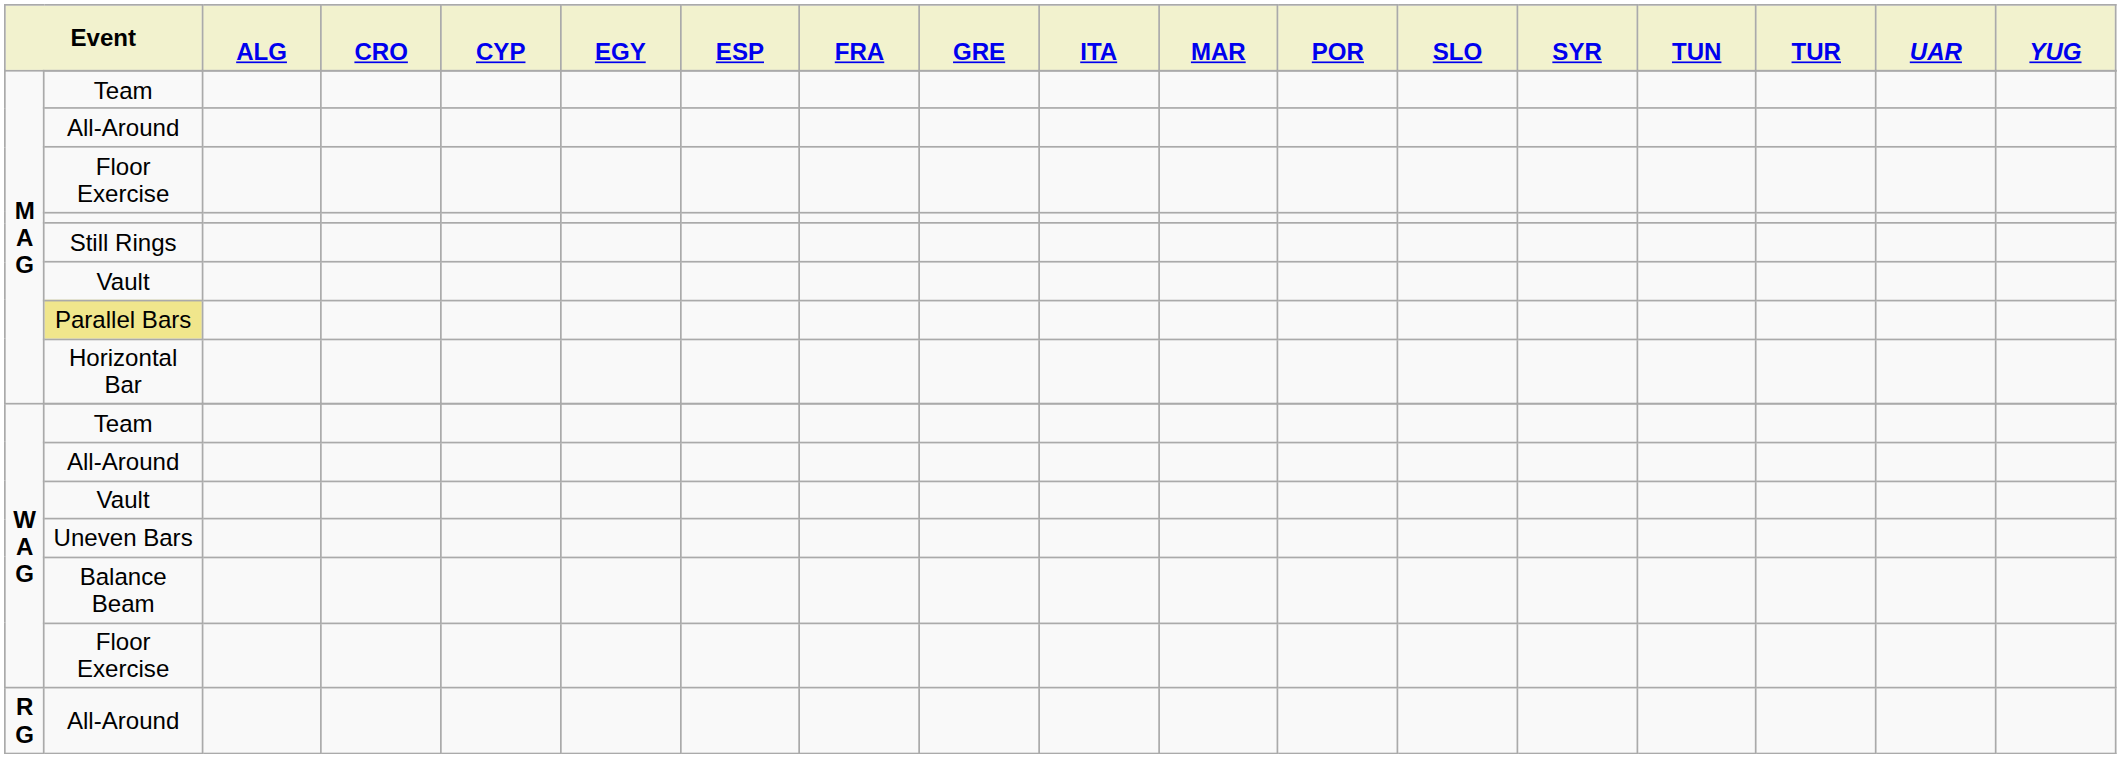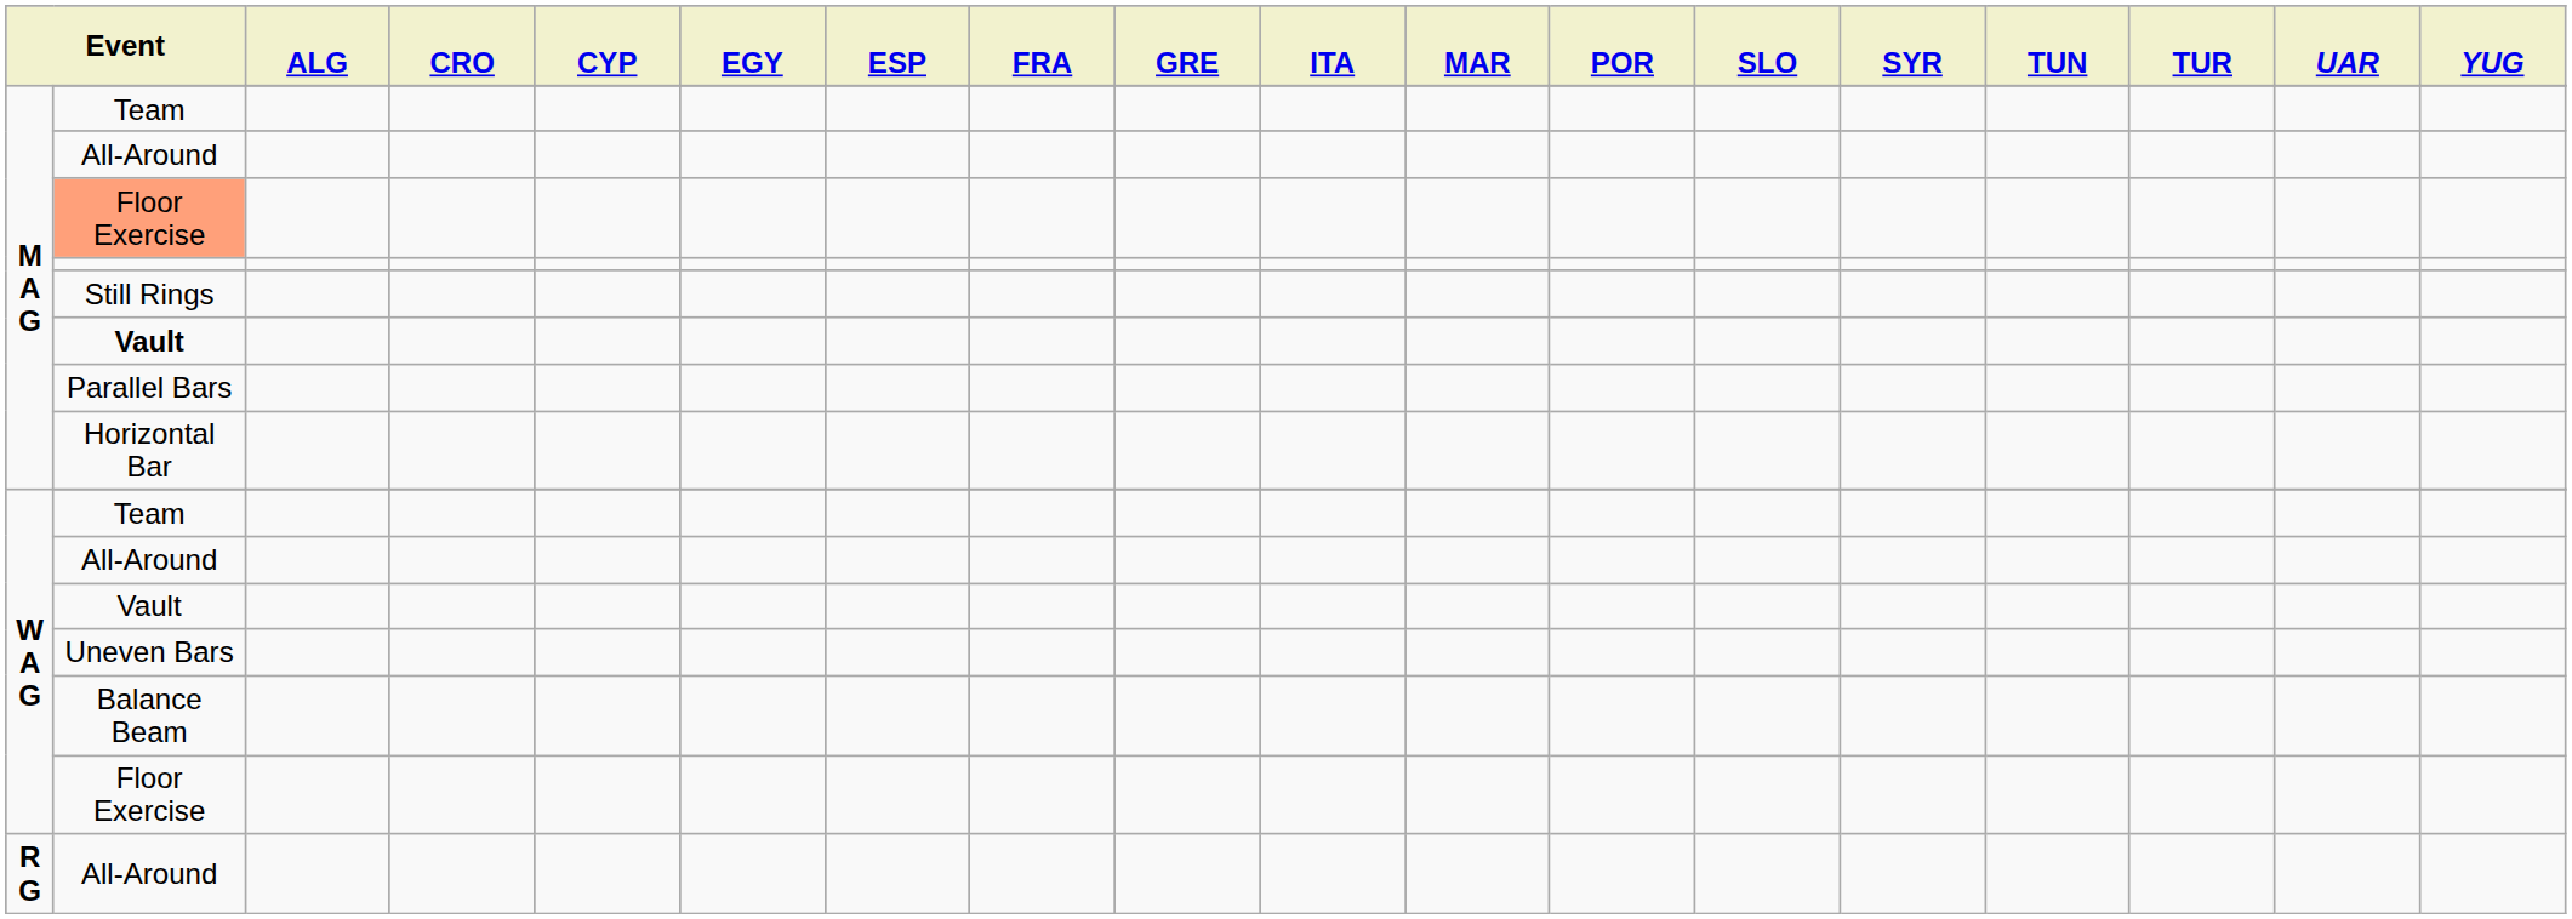 <table class="wikitable" style="margin-top:0em; text-align:center; font-size:89%;">
 <tr>
 <th style="background-color:#f2f2ce; width:15.0em;" colspan=2>Event</th>
 <th style="background-color:#f2f2ce; width:4.5em;"><br><a href='#'>ALG</a></th>
 <th style="background-color:#f2f2ce; width:4.5em;"><br><a href='#'>CRO</a></th>
 <th style="background-color:#f2f2ce; width:4.5em;"><br><a href='#'>CYP</a></th>
 <th style="background-color:#f2f2ce; width:4.5em;"><br><a href='#'>EGY</a></th>
 <th style="background-color:#f2f2ce; width:4.5em;"><br><a href='#'>ESP</a></th>
 <th style="background-color:#f2f2ce; width:4.5em;"><br><a href='#'>FRA</a></th>
 <th style="background-color:#f2f2ce; width:4.5em;"><br><a href='#'>GRE</a></th>
 <th style="background-color:#f2f2ce; width:4.5em;"><br><a href='#'>ITA</a></th>
 <th style="background-color:#f2f2ce; width:4.5em;"><br><a href='#'>MAR</a></th>
 <th style="background-color:#f2f2ce; width:4.5em;"><br><a href='#'>POR</a></th>
 <th style="background-color:#f2f2ce; width:4.5em;"><br><a href='#'>SLO</a></th>
 <th style="background-color:#f2f2ce; width:4.5em;"><br><a href='#'>SYR</a></th>
 <th style="background-color:#f2f2ce; width:4.5em;"><br><a href='#'>TUN</a></th>
 <th style="background-color:#f2f2ce; width:4.5em;"><br><a href='#'>TUR</a></th>
 <th style="background-color:#f2f2ce; width:4.5em;"><em><br><a href='#'>UAR</a></em></th>
 <th style="background-color:#f2f2ce; width:4.5em;"><em><br><a href='#'>YUG</a></em></th>
 </tr>
 <tr>
 <td rowspan=9 border=0 cellpadding="0" cellspacing="0"><strong>M<br>A<br>G</strong></td>
 </tr>
 <tr>
 <td>Team</td>
 <td></td>
 <td></td>
 <td></td>
 <td></td>
 <td></td>
 <td></td>
 <td></td>
 <td></td>
 <td></td>
 <td></td>
 <td></td>
 <td></td>
 <td></td>
 <td></td>
 <td></td>
 <td></td>
 </tr>
 <tr>
 <td>All-Around</td>
 <td></td>
 <td></td>
 <td></td>
 <td></td>
 <td></td>
 <td></td>
 <td></td>
 <td></td>
 <td></td>
 <td></td>
 <td></td>
 <td></td>
 <td></td>
 <td></td>
 <td></td>
 <td></td>
 </tr>
 <tr>
-<td>Floor Exercise</td>
+<td style="background: lightsalmon;">Floor Exercise</td>
 <td></td>
 <td></td>
 <td></td>
 <td></td>
 <td></td>
 <td></td>
 <td></td>
 <td></td>
 <td></td>
 <td></td>
 <td></td>
 <td></td>
 <td></td>
 <td></td>
 <td></td>
 <td></td>
 </tr>
 <tr>
 <td></td>
 <td></td>
 <td></td>
 <td></td>
 <td></td>
 <td></td>
 <td></td>
 <td></td>
 <td></td>
 <td></td>
 <td></td>
 <td></td>
 <td></td>
 <td></td>
 <td></td>
 <td></td>
 <td></td>
 </tr>
 <tr>
 <td>Still Rings</td>
 <td></td>
 <td></td>
 <td></td>
 <td></td>
 <td></td>
 <td></td>
 <td></td>
 <td></td>
 <td></td>
 <td></td>
 <td></td>
 <td></td>
 <td></td>
 <td></td>
 <td></td>
 <td></td>
 </tr>
 <tr>
-<td>Vault</td>
+<td><strong>Vault</strong></td>
 <td></td>
 <td></td>
 <td></td>
 <td></td>
 <td></td>
 <td></td>
 <td></td>
 <td></td>
 <td></td>
 <td></td>
 <td></td>
 <td></td>
 <td></td>
 <td></td>
 <td></td>
 <td></td>
 </tr>
 <tr>
-<td style="background: khaki;">Parallel Bars</td>
+<td>Parallel Bars</td>
 <td></td>
 <td></td>
 <td></td>
 <td></td>
 <td></td>
 <td></td>
 <td></td>
 <td></td>
 <td></td>
 <td></td>
 <td></td>
 <td></td>
 <td></td>
 <td></td>
 <td></td>
 <td></td>
 </tr>
 <tr>
 <td>Horizontal Bar</td>
 <td></td>
 <td></td>
 <td></td>
 <td></td>
 <td></td>
 <td></td>
 <td></td>
 <td></td>
 <td></td>
 <td></td>
 <td></td>
 <td></td>
 <td></td>
 <td></td>
 <td></td>
 <td></td>
 </tr>
 <tr>
 <td rowspan=7 border=0 cellpadding="0" cellspacing="0"><strong>W<br>A<br>G</strong></td>
 </tr>
 <tr>
 <td>Team</td>
 <td></td>
 <td></td>
 <td></td>
 <td></td>
 <td></td>
 <td></td>
 <td></td>
 <td></td>
 <td></td>
 <td></td>
 <td></td>
 <td></td>
 <td></td>
 <td></td>
 <td></td>
 <td></td>
 </tr>
 <tr>
 <td>All-Around</td>
 <td></td>
 <td></td>
 <td></td>
 <td></td>
 <td></td>
 <td></td>
 <td></td>
 <td></td>
 <td></td>
 <td></td>
 <td></td>
 <td></td>
 <td></td>
 <td></td>
 <td></td>
 <td></td>
 </tr>
 <tr>
 <td>Vault</td>
 <td></td>
 <td></td>
 <td></td>
 <td></td>
 <td></td>
 <td></td>
 <td></td>
 <td></td>
 <td></td>
 <td></td>
 <td></td>
 <td></td>
 <td></td>
 <td></td>
 <td></td>
 <td></td>
 </tr>
 <tr>
 <td>Uneven Bars</td>
 <td></td>
 <td></td>
 <td></td>
 <td></td>
 <td></td>
 <td></td>
 <td></td>
 <td></td>
 <td></td>
 <td></td>
 <td></td>
 <td></td>
 <td></td>
 <td></td>
 <td></td>
 <td></td>
 </tr>
 <tr>
 <td>Balance Beam</td>
 <td></td>
 <td></td>
 <td></td>
 <td></td>
 <td></td>
 <td></td>
 <td></td>
 <td></td>
 <td></td>
 <td></td>
 <td></td>
 <td></td>
 <td></td>
 <td></td>
 <td></td>
 <td></td>
 </tr>
 <tr>
 <td>Floor Exercise</td>
 <td></td>
 <td></td>
 <td></td>
 <td></td>
 <td></td>
 <td></td>
 <td></td>
 <td></td>
 <td></td>
 <td></td>
 <td></td>
 <td></td>
 <td></td>
 <td></td>
 <td></td>
 <td></td>
 </tr>
 <tr>
 <td rowspan=1 border=0 cellpadding="0" cellspacing="0"><strong>R<br>G</strong></td>
 <td>All-Around</td>
 <td></td>
 <td></td>
 <td></td>
 <td></td>
 <td></td>
 <td></td>
 <td></td>
 <td></td>
 <td></td>
 <td></td>
 <td></td>
 <td></td>
 <td></td>
 <td></td>
 <td></td>
 <td></td>
 </tr>
 </table>
